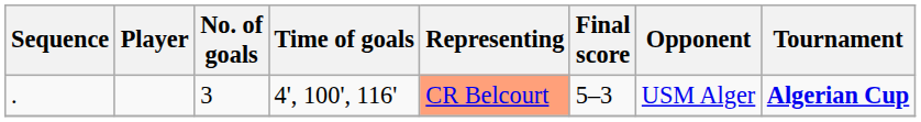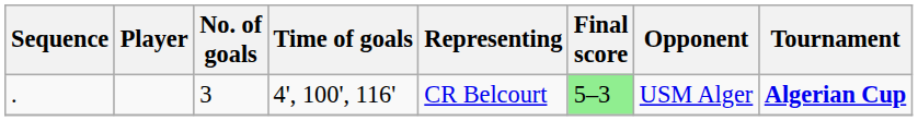 <table class="wikitable sortable" style="font-size:90%;">
 <tr>
 <th>Sequence<br></th>
 <th>Player</th>
 <th>No. of<br>goals</th>
 <th>Time of goals</th>
 <th>Representing</th>
 <th>Final<br>score</th>
 <th>Opponent</th>
 <th>Tournament</th>
 </tr>
 <tr>
 <td>.</td>
 <td> </td>
 <td>3</td>
 <td>4', 100', 116'</td>
-<td style="background: lightsalmon;"><a href='#'>CR Belcourt</a></td>
-<td>5–3</td>
+<td><a href='#'>CR Belcourt</a></td>
+<td style="background: lightgreen;">5–3</td>
 <td><a href='#'>USM Alger</a></td>
 <td><strong><a href='#'>Algerian Cup</a></strong></td>
 </tr>
 <tr>
 </tr>
 </table>
